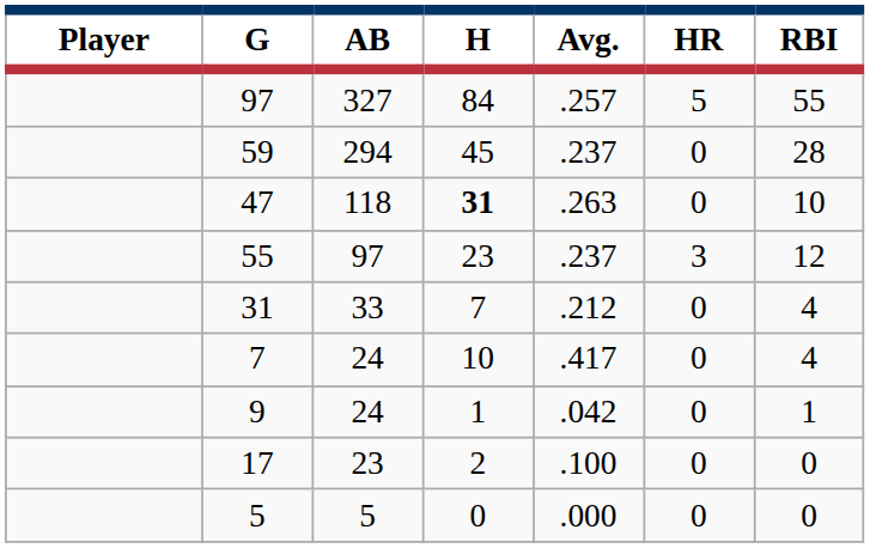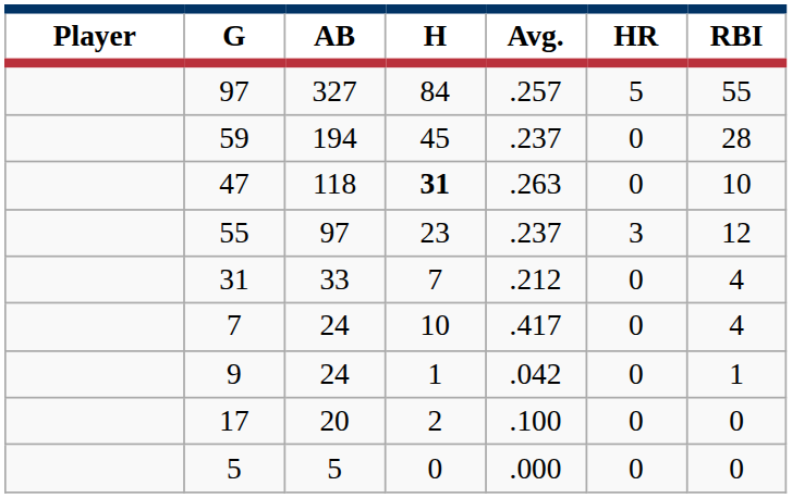 <table class="wikitable sortable">
 <tr>
 <th style="background:#FFFFFF; border-top:#023465 5px solid; border-bottom:#ba313c 5px solid;" width="16%">Player</th>
 <th style="background:#FFFFFF; border-top:#023465 5px solid; border-bottom:#ba313c 5px solid;" width="9%">G</th>
 <th style="background:#FFFFFF; border-top:#023465 5px solid; border-bottom:#ba313c 5px solid;" width="9%">AB</th>
 <th style="background:#FFFFFF; border-top:#023465 5px solid; border-bottom:#ba313c 5px solid;" width="9%">H</th>
 <th style="background:#FFFFFF; border-top:#023465 5px solid; border-bottom:#ba313c 5px solid;" width="9%">Avg.</th>
 <th style="background:#FFFFFF; border-top:#023465 5px solid; border-bottom:#ba313c 5px solid;" width="9%">HR</th>
 <th style="background:#FFFFFF; border-top:#023465 5px solid; border-bottom:#ba313c 5px solid;" width="9%">RBI</th>
 </tr>
 <tr align="center">
 <td></td>
 <td>97</td>
 <td>327</td>
 <td>84</td>
 <td>.257</td>
 <td>5</td>
 <td>55</td>
 </tr>
 <tr align="center">
 <td></td>
 <td>59</td>
-<td>294</td>
+<td>194</td>
 <td>45</td>
 <td>.237</td>
 <td>0</td>
 <td>28</td>
 </tr>
 <tr align="center">
 <td></td>
 <td>47</td>
 <td>118</td>
 <td><strong>31</strong></td>
 <td>.263</td>
 <td>0</td>
 <td>10</td>
 </tr>
 <tr align="center">
 <td></td>
 <td>55</td>
 <td>97</td>
 <td>23</td>
 <td>.237</td>
 <td>3</td>
 <td>12</td>
 </tr>
 <tr align="center">
 <td></td>
 <td>31</td>
 <td>33</td>
 <td>7</td>
 <td>.212</td>
 <td>0</td>
 <td>4</td>
 </tr>
 <tr align="center">
 <td></td>
 <td>7</td>
 <td>24</td>
 <td>10</td>
 <td>.417</td>
 <td>0</td>
 <td>4</td>
 </tr>
 <tr align="center">
 <td></td>
 <td>9</td>
 <td>24</td>
 <td>1</td>
 <td>.042</td>
 <td>0</td>
 <td>1</td>
 </tr>
 <tr align="center">
 <td></td>
 <td>17</td>
-<td>23</td>
+<td>20</td>
 <td>2</td>
 <td>.100</td>
 <td>0</td>
 <td>0</td>
 </tr>
 <tr align="center">
 <td></td>
 <td>5</td>
 <td>5</td>
 <td>0</td>
 <td>.000</td>
 <td>0</td>
 <td>0</td>
 </tr>
 </table>
